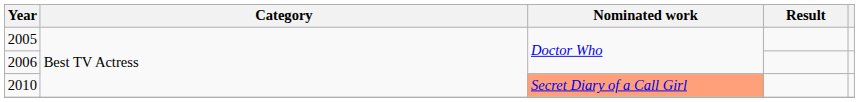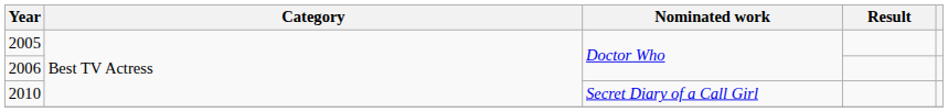 <table class="wikitable" width = 74%>
 <tr>
 <th width=4%>Year</th>
 <th width=58%>Category</th>
 <th width=28%>Nominated work</th>
 <th width=10%>Result</th>
 <th width=5%></th>
 </tr>
 <tr>
 <td>2005</td>
 <td rowspan="3">Best TV Actress</td>
 <td rowspan="2"><em><a href='#'>Doctor Who</a></em></td>
 <td></td>
 <td></td>
 </tr>
 <tr>
 <td>2006</td>
 <td></td>
 <td></td>
 </tr>
 <tr>
 <td>2010</td>
-<td style="background: lightsalmon;"><em><a href='#'>Secret Diary of a Call Girl</a></em></td>
+<td><em><a href='#'>Secret Diary of a Call Girl</a></em></td>
 <td></td>
 <td></td>
 </tr>
 <tr>
 </tr>
 </table>
